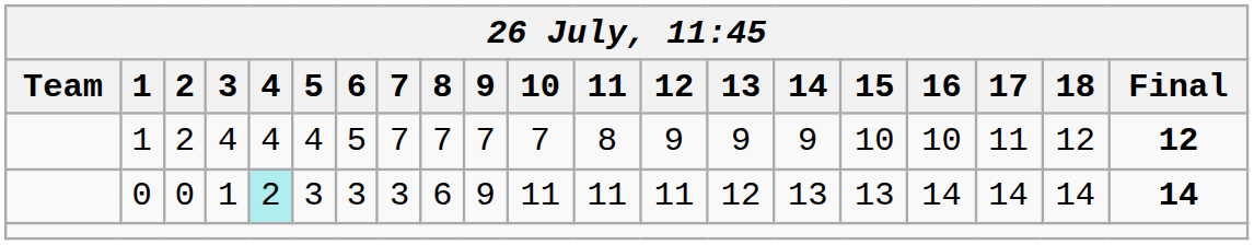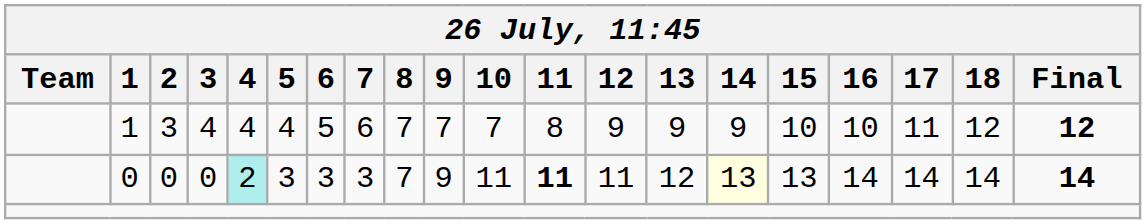 <table class=wikitable style="text-align:center; width: 55%">
 <tr>
 <th colspan=20><em>26 July, 11:45</em></th>
 </tr>
 <tr>
 <th>Team</th>
 <th>1</th>
 <th>2</th>
 <th>3</th>
 <th>4</th>
 <th>5</th>
 <th>6</th>
 <th>7</th>
 <th>8</th>
 <th>9</th>
 <th>10</th>
 <th>11</th>
 <th>12</th>
 <th>13</th>
 <th>14</th>
 <th>15</th>
 <th>16</th>
 <th>17</th>
 <th>18</th>
 <th>Final</th>
 </tr>
 <tr>
 <td align=left></td>
 <td>1</td>
-<td>2</td>
+<td>3</td>
 <td>4</td>
 <td>4</td>
 <td>4</td>
 <td>5</td>
-<td>7</td>
+<td>6</td>
 <td>7</td>
 <td>7</td>
 <td>7</td>
 <td>8</td>
 <td>9</td>
 <td>9</td>
 <td>9</td>
 <td>10</td>
 <td>10</td>
 <td>11</td>
 <td>12</td>
 <td><strong>12</strong></td>
 </tr>
 <tr>
 <td align=left><strong></strong></td>
 <td>0</td>
 <td>0</td>
-<td>1</td>
+<td>0</td>
 <td style="background: paleturquoise;">2</td>
 <td>3</td>
 <td>3</td>
 <td>3</td>
-<td>6</td>
+<td>7</td>
 <td>9</td>
 <td>11</td>
-<td>11</td>
+<td><strong>11</strong></td>
 <td>11</td>
 <td>12</td>
-<td>13</td>
+<td style="background: lightyellow;">13</td>
 <td>13</td>
 <td>14</td>
 <td>14</td>
 <td>14</td>
 <td><strong>14</strong></td>
 </tr>
 <tr>
 <td colspan=20></td>
 </tr>
 </table>
